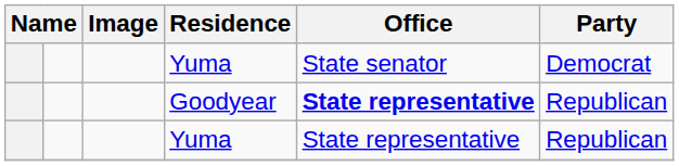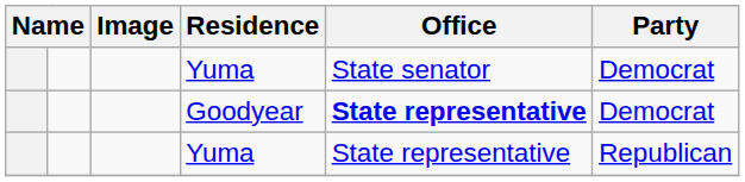 <table class="sortable wikitable">
 <tr valign=bottom>
 <th colspan="2">Name</th>
 <th>Image</th>
 <th>Residence</th>
 <th>Office</th>
 <th>Party</th>
 </tr>
 <tr>
 <th style="background-color:  "></th>
 <td></td>
 <td></td>
 <td><a href='#'>Yuma</a></td>
 <td><a href='#'>State senator</a></td>
 <td><a href='#'>Democrat</a></td>
 </tr>
 <tr>
 <th style="background-color:  "></th>
 <td></td>
 <td></td>
 <td><a href='#'>Goodyear</a></td>
 <td><strong><a href='#'>State representative</a></strong></td>
-<td><a href='#'>Republican</a></td>
+<td><a href='#'>Democrat</a></td>
 </tr>
 <tr>
 <th style="background-color:  "></th>
 <td></td>
 <td></td>
 <td><a href='#'>Yuma</a></td>
 <td><a href='#'>State representative</a></td>
 <td><a href='#'>Republican</a></td>
 </tr>
 <tr>
 </tr>
 </table>
